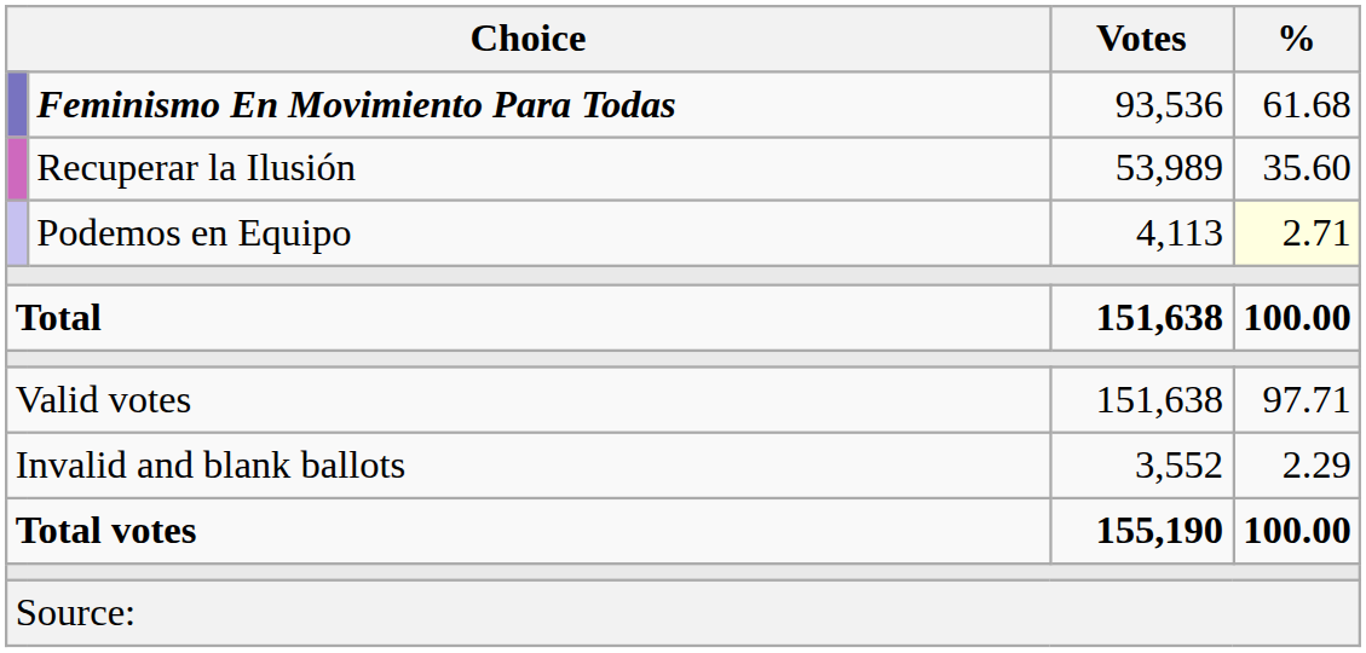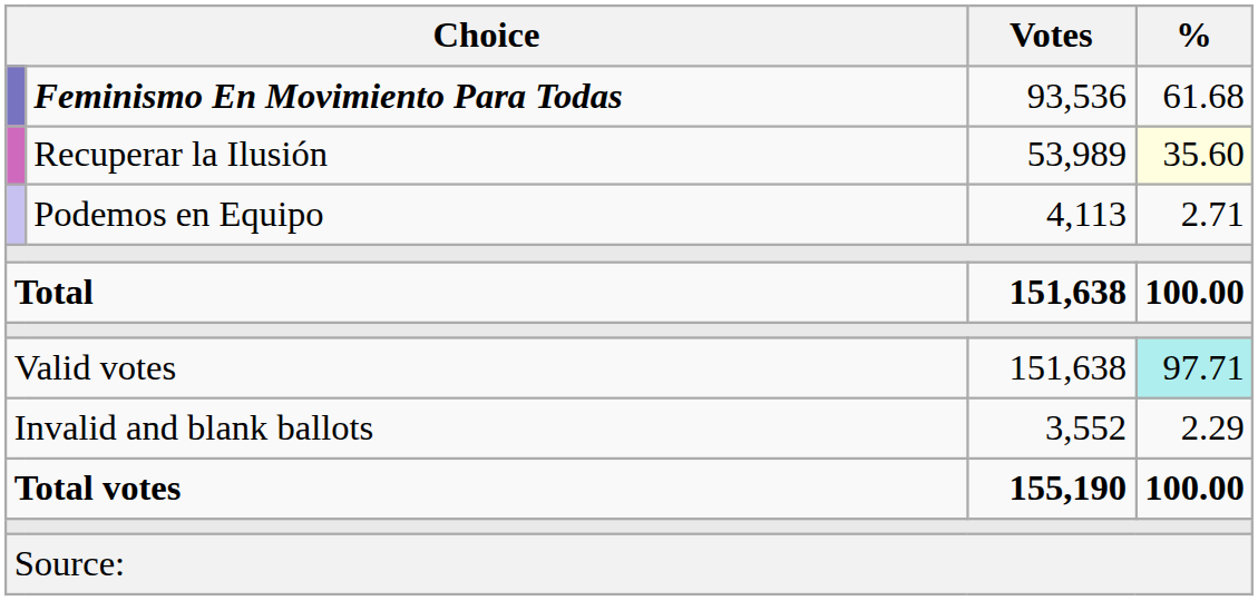 <table class="wikitable" style="text-align:right; font-size:90%;">
 <tr>
 <th colspan="2" width="375">Choice</th>
 <th width="60">Votes</th>
 <th width="40">%</th>
 </tr>
 <tr>
 <td width="1" style="color:inherit;background:#7873C0"></td>
 <td align="left"><strong><em>Feminismo En Movimiento Para Todas<em> <strong></td>
 <td></strong>93,536<strong></td>
 <td></strong>61.68<strong></td>
 </tr>
 <tr>
 <td style="color:inherit;background:#CE69BE"></td>
 <td align="left"></em>Recuperar la Ilusión<em> </td>
 <td>53,989</td>
-<td>35.60</td>
+<td style="background: lightyellow;">35.60</td>
 </tr>
 <tr>
 <td style="color:inherit;background:#C6C1F0"></td>
 <td align="left"></em>Podemos en Equipo<em></td>
 <td>4,113</td>
-<td style="background: lightyellow;">2.71</td>
+<td>2.71</td>
 </tr>
 <tr>
 <td colspan="4" bgcolor="#E9E9E9"></td>
 </tr>
 <tr style="font-weight:bold;">
 <td align="left" colspan="2">Total</td>
 <td>151,638</td>
 <td>100.00</td>
 </tr>
 <tr>
 <td colspan="4" bgcolor="#E9E9E9"></td>
 </tr>
 <tr>
 <td align="left" colspan="2">Valid votes</td>
 <td>151,638</td>
-<td>97.71</td>
+<td style="background: paleturquoise;">97.71</td>
 </tr>
 <tr>
 <td align="left" colspan="2">Invalid and blank ballots</td>
 <td>3,552</td>
 <td>2.29</td>
 </tr>
 <tr style="font-weight:bold;">
 <td align="left" colspan="2">Total votes</td>
 <td>155,190</td>
 <td>100.00</td>
 </tr>
 <tr>
 <td colspan="4" bgcolor="#E9E9E9"></td>
 </tr>
 <tr style="background-color:#F2F2F2">
 <td colspan="4" align="left">Source: </td>
 </tr>
 </table>
